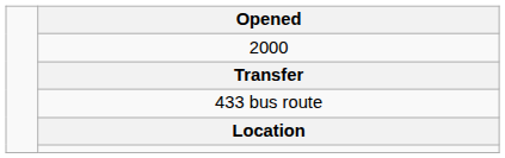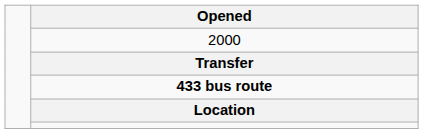 <table class=wikitable style="text-align: center; width: 450px; float:right">
 <tr>
 <td rowspan="6"></td>
 <th>Opened</th>
 </tr>
 <tr>
 <td>2000</td>
 </tr>
 <tr>
 <th>Transfer</th>
 </tr>
 <tr>
-<td>433 bus route</td>
+<td><strong>433 bus route</strong></td>
 </tr>
 <tr>
 <th>Location</th>
 </tr>
 <tr>
 <td></td>
 </tr>
 </table>
